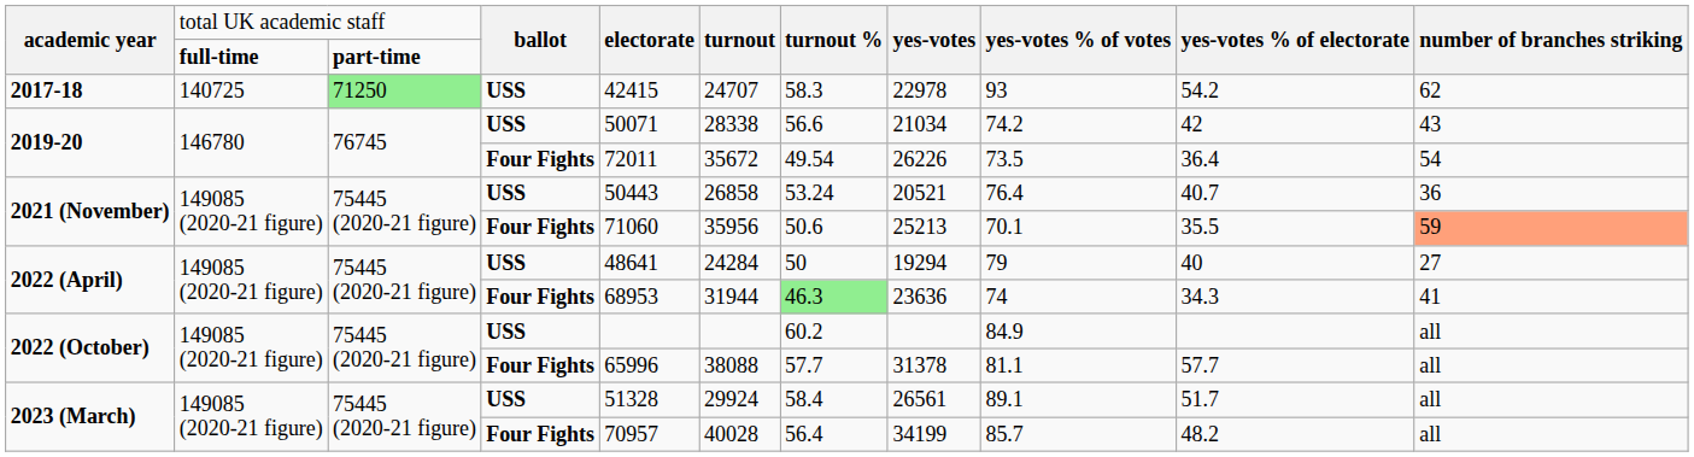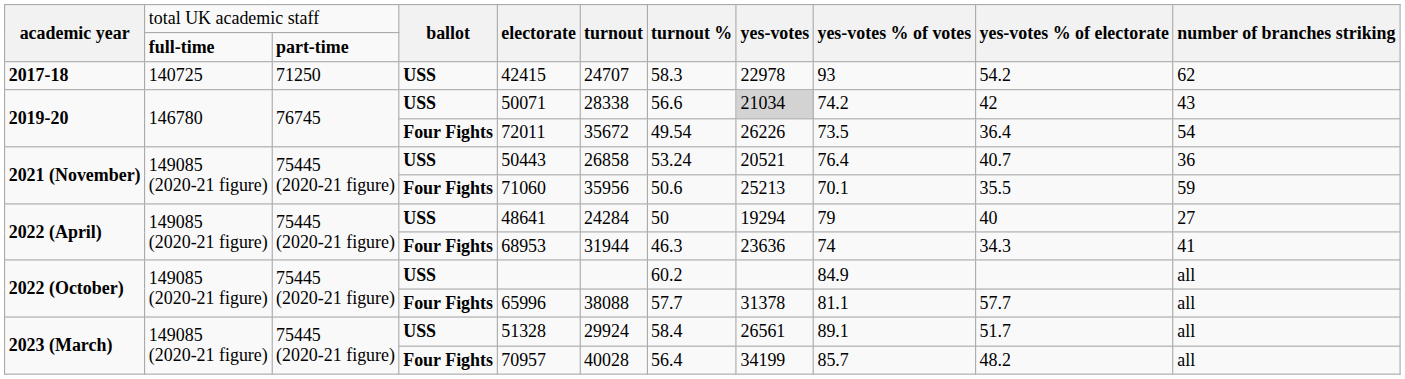 <table class="wikitable">
 <tr>
 <th rowspan="2">academic year</th>
 <td colspan="2">total UK academic staff</td>
 <th rowspan="2">ballot</th>
 <th rowspan="2">electorate</th>
 <th rowspan="2">turnout</th>
 <th rowspan="2">turnout %</th>
 <th rowspan="2">yes-votes</th>
 <th rowspan="2">yes-votes % of votes</th>
 <th rowspan="2">yes-votes % of electorate</th>
 <th rowspan="2">number of branches striking</th>
 </tr>
 <tr>
 <td><strong>full-time</strong></td>
 <td><strong>part-time</strong></td>
 </tr>
 <tr>
 <td><strong>2017-18</strong></td>
 <td>140725</td>
-<td style="background: lightgreen;">71250</td>
+<td>71250</td>
 <td><strong>USS</strong></td>
 <td>42415</td>
 <td>24707</td>
 <td>58.3</td>
 <td>22978</td>
 <td>93</td>
 <td>54.2</td>
 <td>62</td>
 </tr>
 <tr>
 <td rowspan="2"><strong>2019-20</strong></td>
 <td rowspan="2">146780</td>
 <td rowspan="2">76745</td>
 <td><strong>USS</strong></td>
 <td>50071</td>
 <td>28338</td>
 <td>56.6</td>
-<td>21034</td>
+<td style="background: lightgrey;">21034</td>
 <td>74.2</td>
 <td>42</td>
 <td>43</td>
 </tr>
 <tr>
 <td><strong>Four Fights</strong></td>
 <td>72011</td>
 <td>35672</td>
 <td>49.54</td>
 <td>26226</td>
 <td>73.5</td>
 <td>36.4</td>
 <td>54</td>
 </tr>
 <tr>
 <td rowspan="2"><strong>2021 (November)</strong></td>
 <td rowspan="2">149085<br>(2020-21 figure)</td>
 <td rowspan="2">75445<br>(2020-21 figure)</td>
 <td><strong>USS</strong></td>
 <td>50443</td>
 <td>26858</td>
 <td>53.24</td>
 <td>20521</td>
 <td>76.4</td>
 <td>40.7</td>
 <td>36</td>
 </tr>
 <tr>
 <td><strong>Four Fights</strong></td>
 <td>71060</td>
 <td>35956</td>
 <td>50.6</td>
 <td>25213</td>
 <td>70.1</td>
 <td>35.5</td>
-<td style="background: lightsalmon;">59</td>
+<td>59</td>
 </tr>
 <tr>
 <td rowspan="2"><strong>2022 (April)</strong></td>
 <td rowspan="2">149085<br>(2020-21 figure)</td>
 <td rowspan="2">75445<br>(2020-21 figure)</td>
 <td><strong>USS</strong></td>
 <td>48641</td>
 <td>24284</td>
 <td>50</td>
 <td>19294</td>
 <td>79</td>
 <td>40</td>
 <td>27</td>
 </tr>
 <tr>
 <td><strong>Four Fights</strong></td>
 <td>68953</td>
 <td>31944</td>
-<td style="background: lightgreen;">46.3</td>
+<td>46.3</td>
 <td>23636</td>
 <td>74</td>
 <td>34.3</td>
 <td>41</td>
 </tr>
 <tr>
 <td rowspan="2"><strong>2022 (October)</strong></td>
 <td rowspan="2">149085<br>(2020-21 figure)</td>
 <td rowspan="2">75445<br>(2020-21 figure)</td>
 <td><strong>USS</strong></td>
 <td></td>
 <td></td>
 <td>60.2</td>
 <td></td>
 <td>84.9</td>
 <td></td>
 <td>all</td>
 </tr>
 <tr>
 <td><strong>Four Fights</strong></td>
 <td>65996</td>
 <td>38088</td>
 <td>57.7</td>
 <td>31378</td>
 <td>81.1</td>
 <td>57.7</td>
 <td>all</td>
 </tr>
 <tr>
 <td rowspan="2"><strong>2023 (March)</strong></td>
 <td rowspan="2">149085<br>(2020-21 figure)</td>
 <td rowspan="2">75445<br>(2020-21 figure)</td>
 <td><strong>USS</strong></td>
 <td>51328</td>
 <td>29924</td>
 <td>58.4</td>
 <td>26561</td>
 <td>89.1</td>
 <td>51.7</td>
 <td>all</td>
 </tr>
 <tr>
 <td><strong>Four Fights</strong></td>
 <td>70957</td>
 <td>40028</td>
 <td>56.4</td>
 <td>34199</td>
 <td>85.7</td>
 <td>48.2</td>
 <td>all</td>
 </tr>
 </table>
